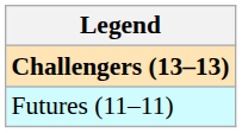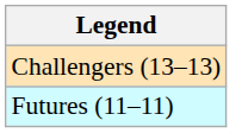 <table class=wikitable>
 <tr>
 <th>Legend</th>
 </tr>
 <tr bgcolor=moccasin>
-<td><strong>Challengers (13–13)</strong></td>
+<td>Challengers (13–13)</td>
 </tr>
 <tr bgcolor=CFFCFF>
 <td>Futures (11–11)</td>
 </tr>
 </table>
